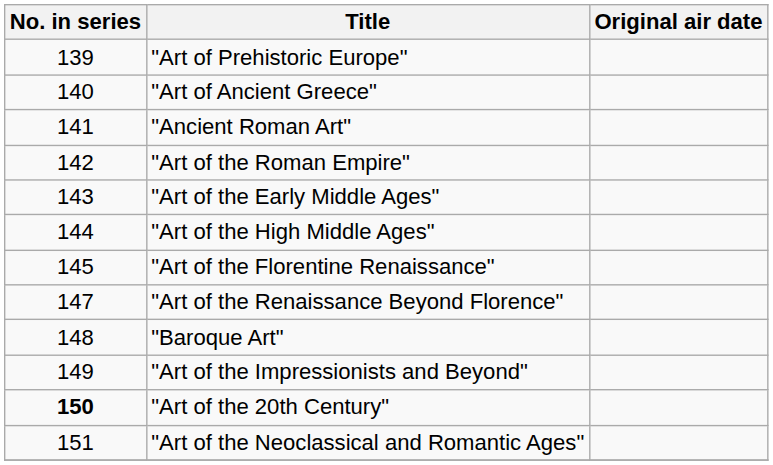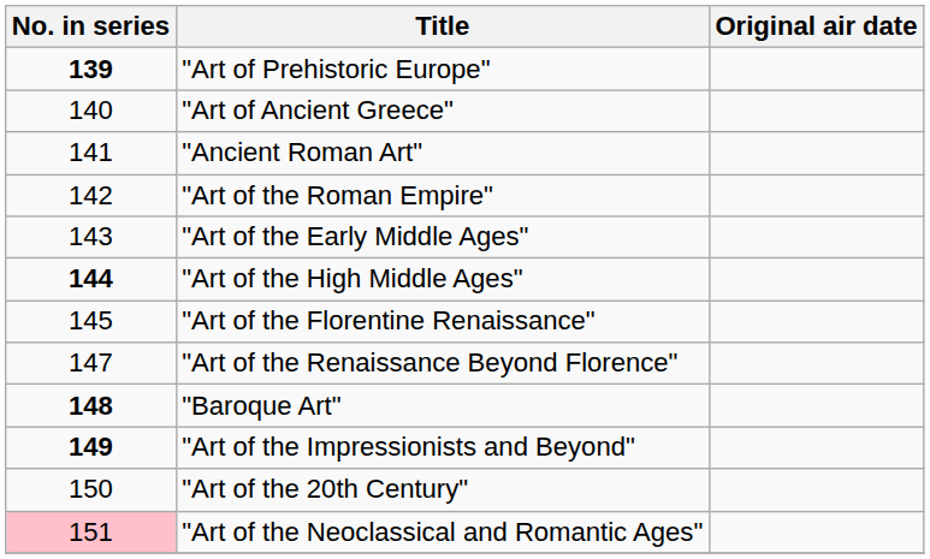 <table class="wikitable plainrowheaders" style="text-align:center">
 <tr>
 <th scope="col">No. in series</th>
 <th scope="col">Title</th>
 <th scope="col">Original air date</th>
 </tr>
 <tr>
-<td scope="row">139</td>
+<td scope="row"><strong>139</strong></td>
 <td style="text-align:left">"Art of Prehistoric Europe"</td>
 <td></td>
 </tr>
 <tr>
 <td scope="row">140</td>
 <td style="text-align:left">"Art of Ancient Greece"</td>
 <td></td>
 </tr>
 <tr>
 <td scope="row">141</td>
 <td style="text-align:left">"Ancient Roman Art"</td>
 <td></td>
 </tr>
 <tr>
 <td scope="row">142</td>
 <td style="text-align:left">"Art of the Roman Empire"</td>
 <td></td>
 </tr>
 <tr>
 <td scope="row">143</td>
 <td style="text-align:left">"Art of the Early Middle Ages"</td>
 <td></td>
 </tr>
 <tr>
-<td scope="row">144</td>
+<td scope="row"><strong>144</strong></td>
 <td style="text-align:left">"Art of the High Middle Ages"</td>
 <td></td>
 </tr>
 <tr>
 <td scope="row">145</td>
 <td style="text-align:left">"Art of the Florentine Renaissance"</td>
 <td></td>
 </tr>
 <tr>
 <td scope="row">147</td>
 <td style="text-align:left">"Art of the Renaissance Beyond Florence"</td>
 <td></td>
 </tr>
 <tr>
-<td scope="row">148</td>
+<td scope="row"><strong>148</strong></td>
 <td style="text-align:left">"Baroque Art"</td>
 <td></td>
 </tr>
 <tr>
-<td scope="row">149</td>
+<td scope="row"><strong>149</strong></td>
 <td style="text-align:left">"Art of the Impressionists and Beyond"</td>
 <td></td>
 </tr>
 <tr>
-<td scope="row"><strong>150</strong></td>
+<td scope="row">150</td>
 <td style="text-align:left">"Art of the 20th Century"</td>
 <td></td>
 </tr>
 <tr>
-<td scope="row">151</td>
+<td scope="row" style="background: pink;">151</td>
 <td style="text-align:left">"Art of the Neoclassical and Romantic Ages"</td>
 <td></td>
 </tr>
 <tr>
 </tr>
 </table>
